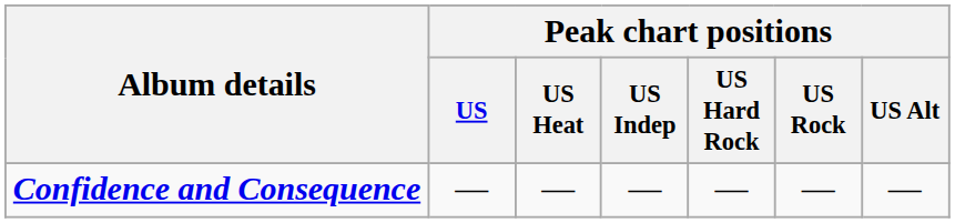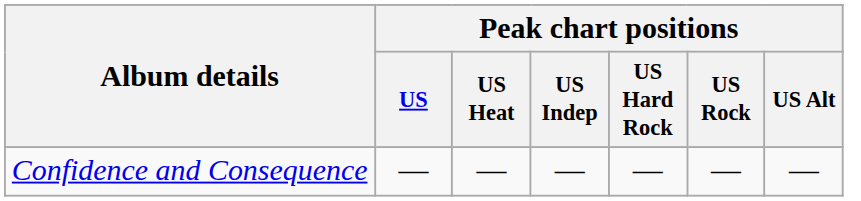 <table class="wikitable" style="text-align:center;">
 <tr>
 <th rowspan="2">Album details</th>
 <th colspan="19">Peak chart positions</th>
 </tr>
 <tr>
 <th style="width:3em;font-size:75%"><a href='#'>US</a></th>
 <th style="width:3em;font-size:75%">US Heat</th>
 <th style="width:3em;font-size:75%">US Indep</th>
 <th style="width:3em;font-size:75%">US Hard Rock</th>
 <th style="width:3em;font-size:75%">US Rock</th>
 <th style="width:3em;font-size:75%">US Alt</th>
 </tr>
 <tr>
-<td align=left><strong><em><a href='#'>Confidence and Consequence</a></em><br></strong></td>
+<td align=left><em><a href='#'>Confidence and Consequence</a></em><br></td>
 <td>—</td>
 <td>—</td>
 <td>—</td>
 <td>—</td>
 <td>—</td>
 <td>—</td>
 </tr>
 </table>
